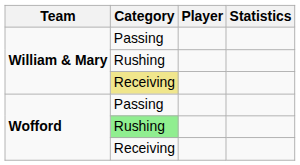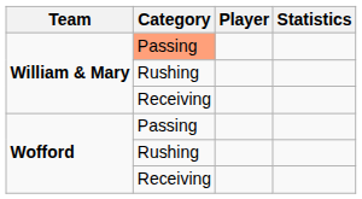 <table class="wikitable" style="float: right;">
 <tr>
 <th>Team</th>
 <th>Category</th>
 <th>Player</th>
 <th>Statistics</th>
 </tr>
 <tr>
 <td rowspan=3><strong>William & Mary</strong></td>
+<td style="background: lightsalmon;">Passing</td>
+<td></td>
+<td></td>
+</tr>
+<tr>
+<td>Rushing</td>
+<td></td>
+<td></td>
+</tr>
+<tr>
+<td>Receiving</td>
+<td></td>
+<td></td>
+</tr>
+<tr>
+<td rowspan=3><strong>Wofford</strong></td>
 <td>Passing</td>
 <td></td>
 <td></td>
 </tr>
 <tr>
 <td>Rushing</td>
 <td></td>
 <td></td>
 </tr>
 <tr>
-<td style="background: khaki;">Receiving</td>
-<td></td>
-<td></td>
-</tr>
-<tr>
-<td rowspan=3><strong>Wofford</strong></td>
-<td>Passing</td>
-<td></td>
-<td></td>
-</tr>
-<tr>
-<td style="background: lightgreen;">Rushing</td>
-<td></td>
-<td></td>
-</tr>
-<tr>
 <td>Receiving</td>
 <td></td>
 <td></td>
 </tr>
 </table>
